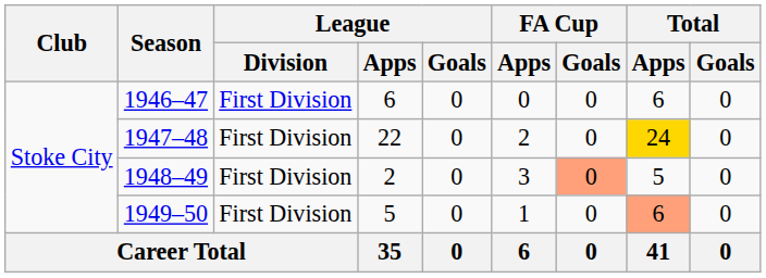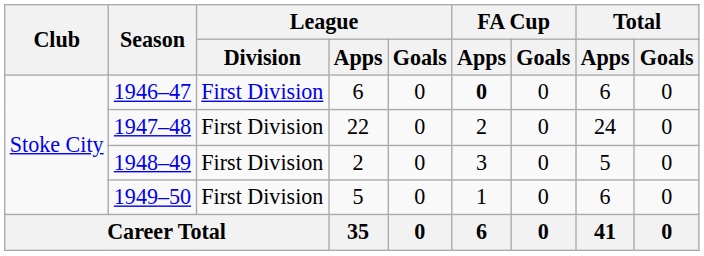 <table class="wikitable" style="text-align: center;">
 <tr>
 <th rowspan="2">Club</th>
 <th rowspan="2">Season</th>
 <th colspan="3">League</th>
 <th colspan="2">FA Cup</th>
 <th colspan="2">Total</th>
 </tr>
 <tr>
 <th>Division</th>
 <th>Apps</th>
 <th>Goals</th>
 <th>Apps</th>
 <th>Goals</th>
 <th>Apps</th>
 <th>Goals</th>
 </tr>
 <tr>
 <td rowspan="4"><a href='#'>Stoke City</a></td>
 <td><a href='#'>1946–47</a></td>
 <td><a href='#'>First Division</a></td>
 <td>6</td>
 <td>0</td>
-<td>0</td>
+<td><strong>0</strong></td>
 <td>0</td>
 <td>6</td>
 <td>0</td>
 </tr>
 <tr>
 <td><a href='#'>1947–48</a></td>
 <td>First Division</td>
 <td>22</td>
 <td>0</td>
 <td>2</td>
 <td>0</td>
-<td style="background: gold;">24</td>
+<td>24</td>
 <td>0</td>
 </tr>
 <tr>
 <td><a href='#'>1948–49</a></td>
 <td>First Division</td>
 <td>2</td>
 <td>0</td>
 <td>3</td>
-<td style="background: lightsalmon;">0</td>
+<td>0</td>
 <td>5</td>
 <td>0</td>
 </tr>
 <tr>
 <td><a href='#'>1949–50</a></td>
 <td>First Division</td>
 <td>5</td>
 <td>0</td>
 <td>1</td>
 <td>0</td>
-<td style="background: lightsalmon;">6</td>
+<td>6</td>
 <td>0</td>
 </tr>
 <tr>
 <th colspan=3>Career Total</th>
 <th>35</th>
 <th>0</th>
 <th>6</th>
 <th>0</th>
 <th>41</th>
 <th>0</th>
 </tr>
 </table>
